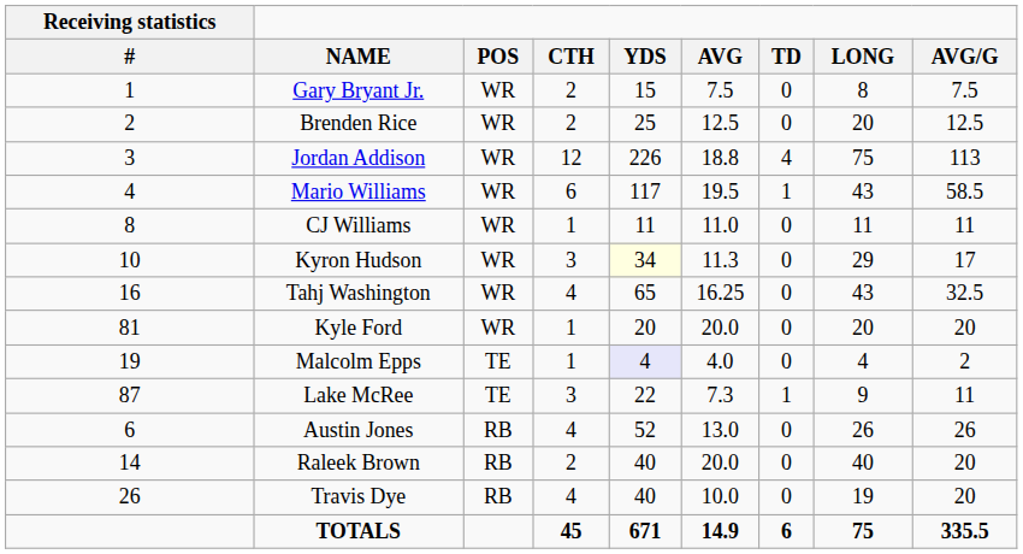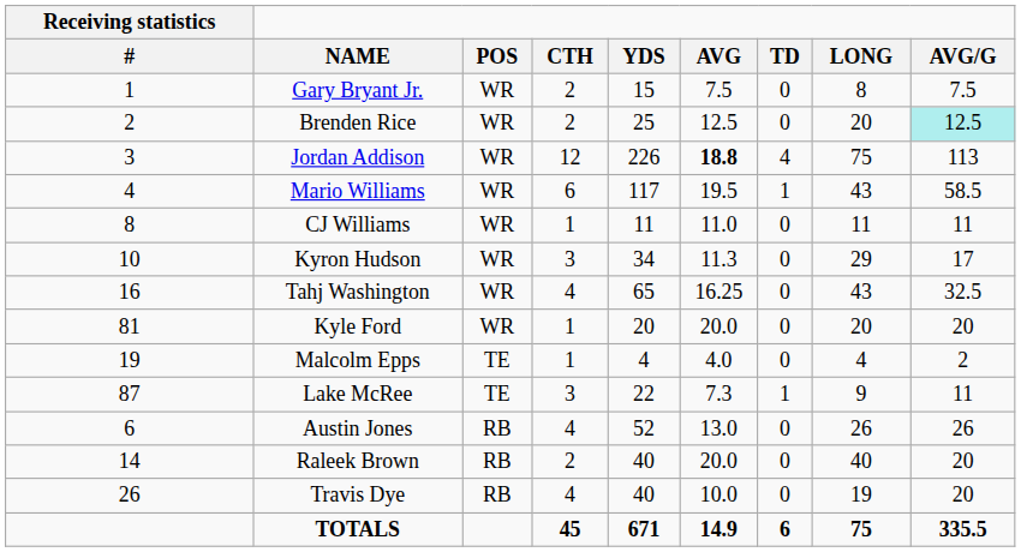 <table style="width:60%; text-align:center;" class="wikitable collapsible collapsed">
 <tr>
 <th style="text-align:center; ">Receiving statistics</th>
 </tr>
 <tr>
 <th>#</th>
 <th>NAME</th>
 <th>POS</th>
 <th>CTH</th>
 <th>YDS</th>
 <th>AVG</th>
 <th>TD</th>
 <th>LONG</th>
 <th>AVG/G</th>
 </tr>
 <tr>
 <td>1</td>
 <td><a href='#'>Gary Bryant Jr.</a></td>
 <td>WR</td>
 <td>2</td>
 <td>15</td>
 <td>7.5</td>
 <td>0</td>
 <td>8</td>
 <td>7.5</td>
 </tr>
 <tr>
 <td>2</td>
 <td>Brenden Rice</td>
 <td>WR</td>
 <td>2</td>
 <td>25</td>
 <td>12.5</td>
 <td>0</td>
 <td>20</td>
-<td>12.5</td>
+<td style="background: paleturquoise;">12.5</td>
 </tr>
 <tr>
 <td>3</td>
 <td><a href='#'>Jordan Addison</a></td>
 <td>WR</td>
 <td>12</td>
 <td>226</td>
-<td>18.8</td>
+<td><strong>18.8</strong></td>
 <td>4</td>
 <td>75</td>
 <td>113</td>
 </tr>
 <tr>
 <td>4</td>
 <td><a href='#'>Mario Williams</a></td>
 <td>WR</td>
 <td>6</td>
 <td>117</td>
 <td>19.5</td>
 <td>1</td>
 <td>43</td>
 <td>58.5</td>
 </tr>
 <tr>
 <td>8</td>
 <td>CJ Williams</td>
 <td>WR</td>
 <td>1</td>
 <td>11</td>
 <td>11.0</td>
 <td>0</td>
 <td>11</td>
 <td>11</td>
 </tr>
 <tr>
 <td>10</td>
 <td>Kyron Hudson</td>
 <td>WR</td>
 <td>3</td>
-<td style="background: lightyellow;">34</td>
+<td>34</td>
 <td>11.3</td>
 <td>0</td>
 <td>29</td>
 <td>17</td>
 </tr>
 <tr>
 <td>16</td>
 <td>Tahj Washington</td>
 <td>WR</td>
 <td>4</td>
 <td>65</td>
 <td>16.25</td>
 <td>0</td>
 <td>43</td>
 <td>32.5</td>
 </tr>
 <tr>
 <td>81</td>
 <td>Kyle Ford</td>
 <td>WR</td>
 <td>1</td>
 <td>20</td>
 <td>20.0</td>
 <td>0</td>
 <td>20</td>
 <td>20</td>
 </tr>
 <tr>
 <td>19</td>
 <td>Malcolm Epps</td>
 <td>TE</td>
 <td>1</td>
-<td style="background: lavender;">4</td>
+<td>4</td>
 <td>4.0</td>
 <td>0</td>
 <td>4</td>
 <td>2</td>
 </tr>
 <tr>
 <td>87</td>
 <td>Lake McRee</td>
 <td>TE</td>
 <td>3</td>
 <td>22</td>
 <td>7.3</td>
 <td>1</td>
 <td>9</td>
 <td>11</td>
 </tr>
 <tr>
 <td>6</td>
 <td>Austin Jones</td>
 <td>RB</td>
 <td>4</td>
 <td>52</td>
 <td>13.0</td>
 <td>0</td>
 <td>26</td>
 <td>26</td>
 </tr>
 <tr>
 <td>14</td>
 <td>Raleek Brown</td>
 <td>RB</td>
 <td>2</td>
 <td>40</td>
 <td>20.0</td>
 <td>0</td>
 <td>40</td>
 <td>20</td>
 </tr>
 <tr>
 <td>26</td>
 <td>Travis Dye</td>
 <td>RB</td>
 <td>4</td>
 <td>40</td>
 <td>10.0</td>
 <td>0</td>
 <td>19</td>
 <td>20</td>
 </tr>
 <tr>
 <td></td>
 <td><strong>TOTALS</strong></td>
 <td></td>
 <td><strong>45</strong></td>
 <td><strong>671</strong></td>
 <td><strong>14.9</strong></td>
 <td><strong>6</strong></td>
 <td><strong>75</strong></td>
 <td><strong>335.5</strong></td>
 </tr>
 </table>
